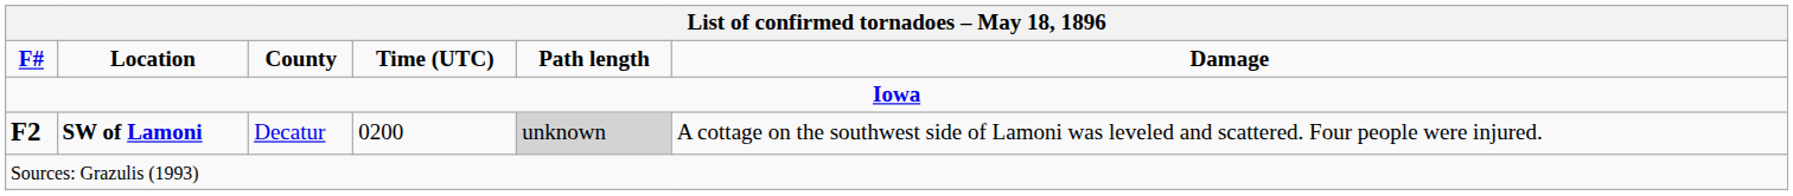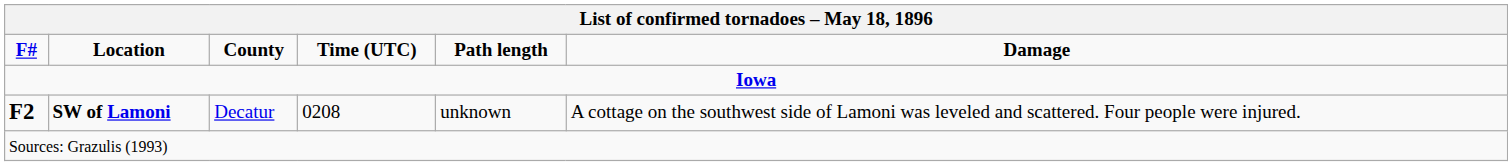 <table class="wikitable toccolours collapsible" style="width:100%;">
 <tr>
 <th colspan="6">List of confirmed tornadoes – May 18, 1896</th>
 </tr>
 <tr style="text-align:center;">
 <td><strong><a href='#'>F#</a></strong></td>
 <td><strong>Location</strong></td>
 <td><strong>County</strong></td>
 <td><strong>Time (UTC)</strong></td>
 <td><strong>Path length</strong></td>
 <td><strong>Damage</strong></td>
 </tr>
 <tr>
 <td colspan="7" style="text-align:center;"><strong><a href='#'>Iowa</a></strong></td>
 </tr>
 <tr>
 <td><big><strong>F2</strong></big></td>
 <td><strong>SW of <a href='#'>Lamoni</a></strong></td>
 <td><a href='#'>Decatur</a></td>
-<td>0200</td>
-<td style="background: lightgrey;">unknown</td>
+<td>0208</td>
+<td>unknown</td>
 <td>A cottage on the southwest side of Lamoni was leveled and scattered. Four people were injured.</td>
 </tr>
 <tr>
 <td colspan="7"><small>Sources: Grazulis (1993)</small></td>
 </tr>
 </table>
